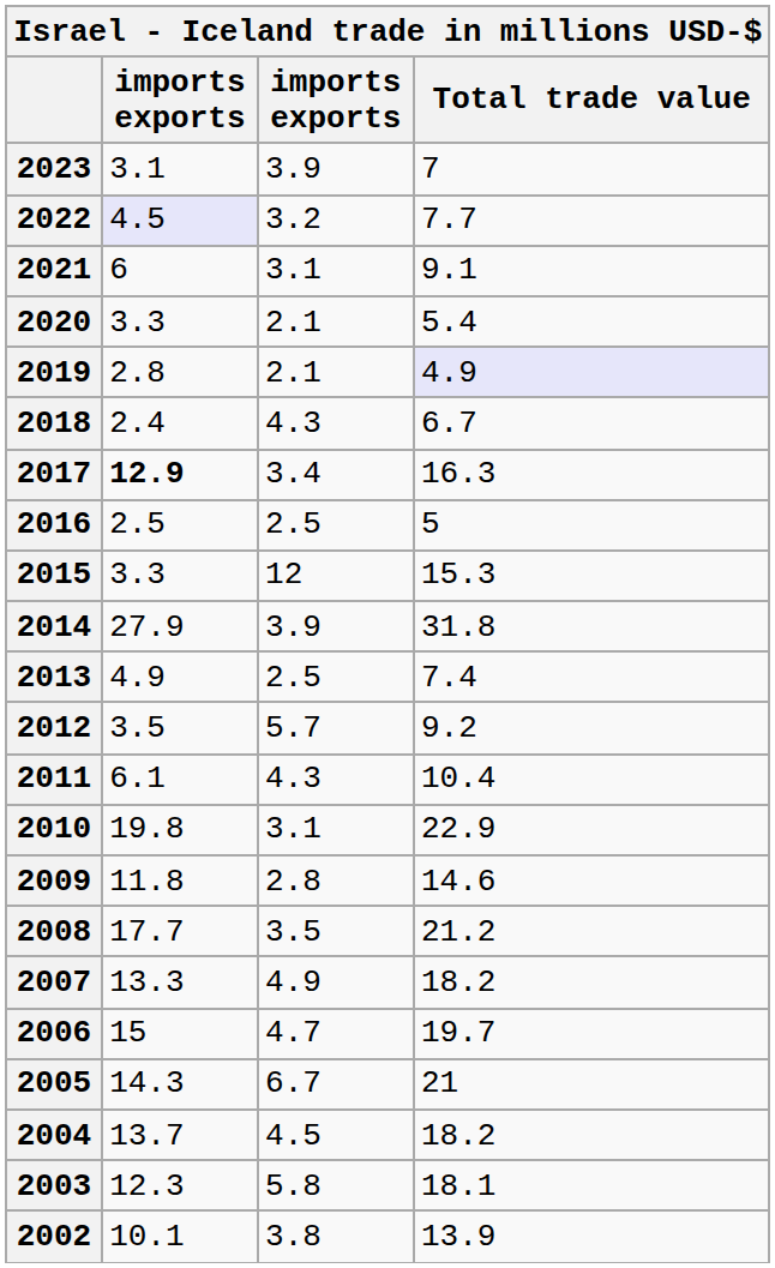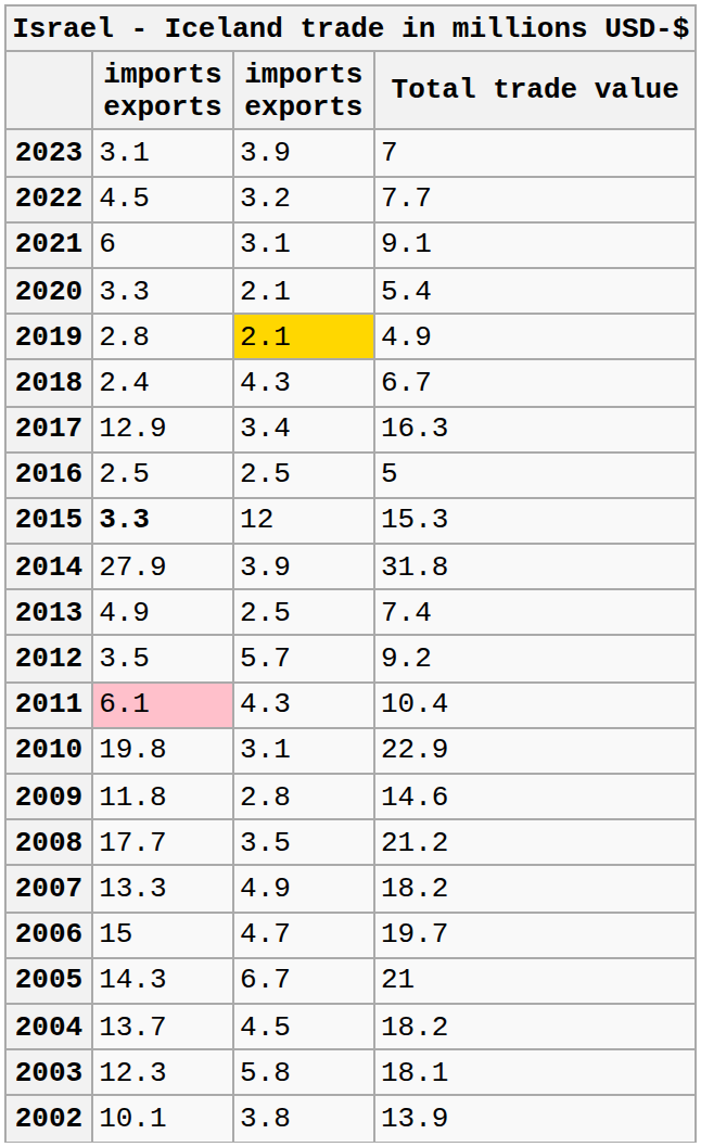 <table class="wikitable mw-collapsible mw-collapsed">
 <tr>
 <th colspan="4">Israel - Iceland trade in millions USD-$</th>
 </tr>
 <tr>
 <th></th>
 <th> imports<br> exports</th>
 <th> imports<br> exports</th>
 <th>Total trade value</th>
 </tr>
 <tr>
 <th>2023</th>
 <td>3.1</td>
 <td>3.9</td>
 <td>7</td>
 </tr>
 <tr>
 <th>2022</th>
-<td style="background: lavender;">4.5</td>
+<td>4.5</td>
 <td>3.2</td>
 <td>7.7</td>
 </tr>
 <tr>
 <th>2021</th>
 <td>6</td>
 <td>3.1</td>
 <td>9.1</td>
 </tr>
 <tr>
 <th>2020</th>
 <td>3.3</td>
 <td>2.1</td>
 <td>5.4</td>
 </tr>
 <tr>
 <th>2019</th>
 <td>2.8</td>
-<td>2.1</td>
-<td style="background: lavender;">4.9</td>
+<td style="background: gold;">2.1</td>
+<td>4.9</td>
 </tr>
 <tr>
 <th>2018</th>
 <td>2.4</td>
 <td>4.3</td>
 <td>6.7</td>
 </tr>
 <tr>
 <th>2017</th>
-<td><strong>12.9</strong></td>
+<td>12.9</td>
 <td>3.4</td>
 <td>16.3</td>
 </tr>
 <tr>
 <th>2016</th>
 <td>2.5</td>
 <td>2.5</td>
 <td>5</td>
 </tr>
 <tr>
 <th>2015</th>
-<td>3.3</td>
+<td><strong>3.3</strong></td>
 <td>12</td>
 <td>15.3</td>
 </tr>
 <tr>
 <th>2014</th>
 <td>27.9</td>
 <td>3.9</td>
 <td>31.8</td>
 </tr>
 <tr>
 <th>2013</th>
 <td>4.9</td>
 <td>2.5</td>
 <td>7.4</td>
 </tr>
 <tr>
 <th>2012</th>
 <td>3.5</td>
 <td>5.7</td>
 <td>9.2</td>
 </tr>
 <tr>
 <th>2011</th>
-<td>6.1</td>
+<td style="background: pink;">6.1</td>
 <td>4.3</td>
 <td>10.4</td>
 </tr>
 <tr>
 <th>2010</th>
 <td>19.8</td>
 <td>3.1</td>
 <td>22.9</td>
 </tr>
 <tr>
 <th>2009</th>
 <td>11.8</td>
 <td>2.8</td>
 <td>14.6</td>
 </tr>
 <tr>
 <th>2008</th>
 <td>17.7</td>
 <td>3.5</td>
 <td>21.2</td>
 </tr>
 <tr>
 <th>2007</th>
 <td>13.3</td>
 <td>4.9</td>
 <td>18.2</td>
 </tr>
 <tr>
 <th>2006</th>
 <td>15</td>
 <td>4.7</td>
 <td>19.7</td>
 </tr>
 <tr>
 <th>2005</th>
 <td>14.3</td>
 <td>6.7</td>
 <td>21</td>
 </tr>
 <tr>
 <th>2004</th>
 <td>13.7</td>
 <td>4.5</td>
 <td>18.2</td>
 </tr>
 <tr>
 <th>2003</th>
 <td>12.3</td>
 <td>5.8</td>
 <td>18.1</td>
 </tr>
 <tr>
 <th>2002</th>
 <td>10.1</td>
 <td>3.8</td>
 <td>13.9</td>
 </tr>
 </table>
